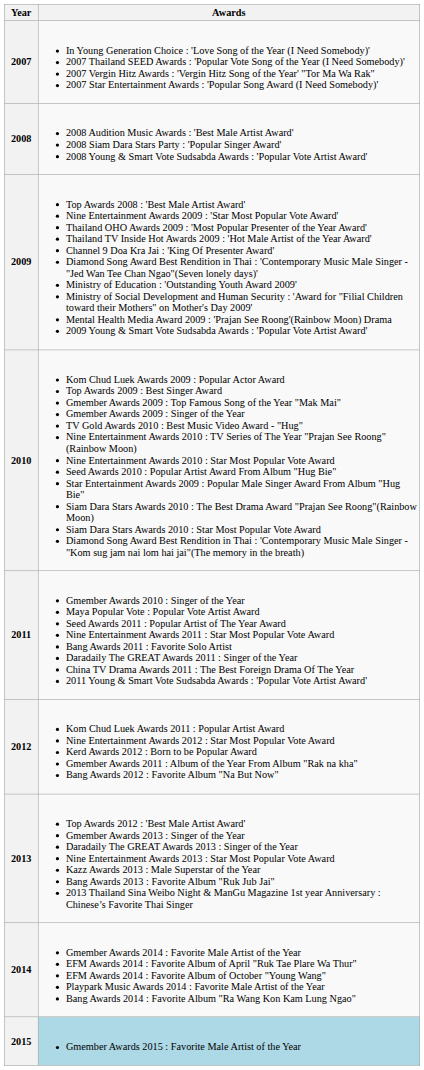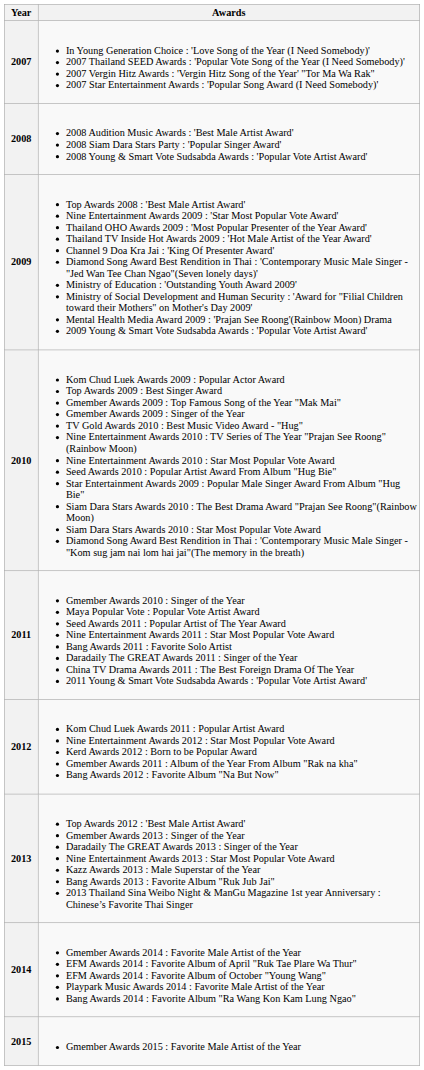 <table class="wikitable" style="width:650px;">
 <tr>
 <th style=" width:50px;">Year</th>
 <th style=" width:750px;">Awards</th>
 </tr>
 <tr>
 <th style="text-align:center;">2007</th>
 <td align="left"><br><ul><li>In Young Generation Choice : 'Love Song of the Year (I Need Somebody)'</li><li>2007 Thailand SEED Awards : 'Popular Vote Song of the Year (I Need Somebody)'</li><li>2007 Vergin Hitz Awards : 'Vergin Hitz Song of the Year' "Tor Ma Wa Rak"</li><li>2007 Star Entertainment Awards : 'Popular Song Award (I Need Somebody)'</li></ul></td>
 </tr>
 <tr>
 <th style="text-align:center;">2008</th>
 <td align="left"><br><ul><li>2008 Audition Music Awards : 'Best Male Artist Award'</li><li>2008 Siam Dara Stars Party : 'Popular Singer Award'</li><li>2008 Young & Smart Vote Sudsabda Awards : 'Popular Vote Artist Award'</li></ul></td>
 </tr>
 <tr>
 <th style="text-align:center;">2009</th>
 <td align="left"><br><ul><li>Top Awards 2008 : 'Best Male Artist Award'</li><li>Nine Entertainment Awards 2009 : 'Star Most Popular Vote Award'</li><li>Thailand OHO Awards 2009 : 'Most Popular Presenter of the Year Award'</li><li>Thailand TV Inside Hot Awards 2009 : 'Hot Male Artist of the Year Award'</li><li>Channel 9 Doa Kra Jai : 'King Of Presenter Award'</li><li>Diamond Song Award Best  Rendition in Thai : 'Contemporary Music Male Singer - "Jed Wan Tee Chan Ngao"(Seven lonely days)'</li><li>Ministry of Education : 'Outstanding Youth Award 2009'</li><li>Ministry of Social Development and Human Security : 'Award for "Filial Children toward their Mothers" on Mother's Day 2009'</li><li>Mental Health Media Award 2009 : 'Prajan See Roong'(Rainbow Moon) Drama</li><li>2009 Young & Smart Vote Sudsabda Awards : 'Popular Vote Artist Award'</li></ul></td>
 </tr>
 <tr>
 <th style="text-align:center;">2010</th>
 <td align="left"><br><ul><li>Kom Chud Luek Awards 2009 : Popular Actor Award</li><li>Top Awards 2009 : Best Singer Award</li><li>Gmember Awards 2009 : Top Famous Song of the Year "Mak Mai"</li><li>Gmember Awards 2009 : Singer of the Year</li><li>TV Gold Awards 2010 : Best Music Video Award - "Hug"</li><li>Nine Entertainment Awards 2010 : TV Series of The Year "Prajan See Roong"(Rainbow Moon)</li><li>Nine Entertainment Awards 2010 : Star Most Popular Vote Award</li><li>Seed Awards 2010 : Popular Artist Award From Album "Hug Bie"</li><li>Star Entertainment Awards 2009 : Popular Male Singer Award From Album "Hug Bie"</li><li>Siam Dara Stars Awards 2010 : The Best Drama Award "Prajan See Roong"(Rainbow Moon)</li><li>Siam Dara Stars Awards 2010 : Star Most Popular Vote Award</li><li>Diamond Song Award Best  Rendition in Thai : 'Contemporary Music Male Singer - "Kom sug jam nai lom hai jai"(The memory in the breath)</li></ul></td>
 </tr>
 <tr>
 <th style="text-align:center;">2011</th>
 <td align="left"><br><ul><li>Gmember Awards 2010 : Singer of the Year</li><li>Maya Popular Vote : Popular Vote Artist Award</li><li>Seed Awards 2011 : Popular Artist of The Year Award</li><li>Nine Entertainment Awards 2011 : Star Most Popular Vote Award</li><li>Bang Awards 2011 : Favorite Solo Artist</li><li>Daradaily The GREAT Awards 2011 : Singer of the Year</li><li>China TV Drama Awards 2011 : The Best Foreign Drama Of The Year</li><li>2011 Young & Smart Vote Sudsabda Awards : 'Popular Vote Artist Award'</li></ul></td>
 </tr>
 <tr>
 <th style="text-align:center;">2012</th>
 <td align="left"><br><ul><li>Kom Chud Luek Awards 2011 : Popular Artist Award</li><li>Nine Entertainment Awards 2012 : Star Most Popular Vote Award</li><li>Kerd Awards 2012 : Born to be Popular Award</li><li>Gmember Awards 2011 : Album of the Year From Album "Rak na kha"</li><li>Bang Awards 2012 : Favorite Album "Na But Now"</li></ul></td>
 </tr>
 <tr>
 <th style="text-align:center;">2013</th>
 <td align="left"><br><ul><li>Top Awards 2012 : 'Best Male Artist Award'</li><li>Gmember Awards 2013 : Singer of the Year</li><li>Daradaily The GREAT Awards 2013 : Singer of the Year</li><li>Nine Entertainment Awards 2013 : Star Most Popular Vote Award</li><li>Kazz Awards 2013 : Male Superstar of the Year</li><li>Bang Awards 2013 : Favorite Album "Ruk Jub Jai"</li><li>2013 Thailand Sina Weibo Night & ManGu Magazine 1st year Anniversary : Chinese’s Favorite Thai Singer</li></ul></td>
 </tr>
 <tr>
 <th style="text-align:center;">2014</th>
 <td align="left"><br><ul><li>Gmember Awards 2014 : Favorite Male Artist of the Year</li><li>EFM Awards 2014 : Favorite Album of April "Ruk Tae Plare Wa Thur"</li><li>EFM Awards 2014 : Favorite Album of October "Young Wang"</li><li>Playpark Music Awards 2014 : Favorite Male Artist of the Year</li><li>Bang Awards 2014 : Favorite Album "Ra Wang Kon Kam Lung Ngao"</li></ul></td>
 </tr>
 <tr>
 <th style="text-align:center;">2015</th>
-<td align="left" style="background: lightblue;"><br><ul><li>Gmember Awards 2015 : Favorite Male Artist of the Year</li></ul></td>
+<td align="left"><br><ul><li>Gmember Awards 2015 : Favorite Male Artist of the Year</li></ul></td>
 </tr>
 </table>
